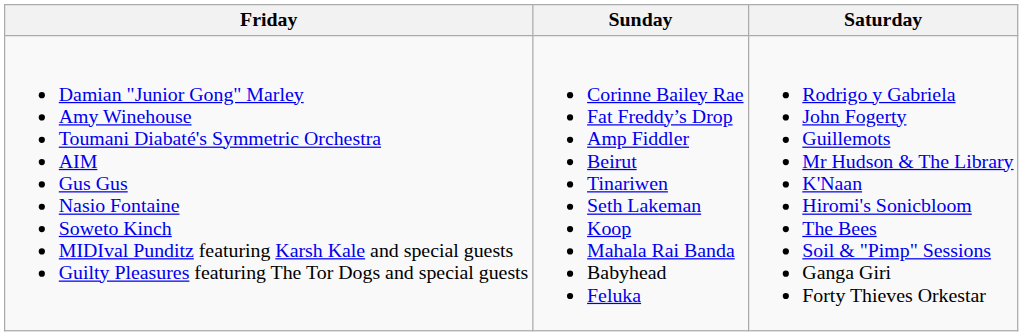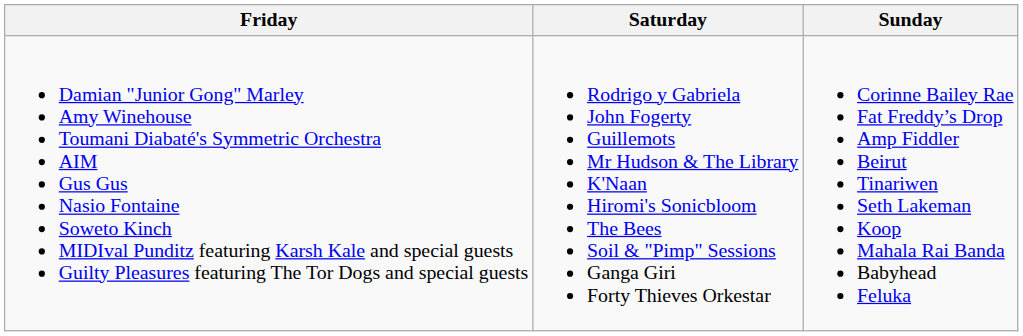 <table class="wikitable">
 <tr>
 <th>Friday</th>
+<th>Saturday</th>
 <th>Sunday</th>
-<th>Saturday</th>
 </tr>
 <tr valign="top">
 <td><br><ul><li><a href='#'>Damian "Junior Gong" Marley</a></li><li><a href='#'>Amy Winehouse</a></li><li><a href='#'>Toumani Diabaté's Symmetric Orchestra</a></li><li><a href='#'>AIM</a></li><li><a href='#'>Gus Gus</a></li><li><a href='#'>Nasio Fontaine</a></li><li><a href='#'>Soweto Kinch</a></li><li><a href='#'>MIDIval Punditz</a> featuring <a href='#'>Karsh Kale</a> and special guests</li><li><a href='#'>Guilty Pleasures</a> featuring The Tor Dogs and special guests</li></ul></td>
+<td><br><ul><li><a href='#'>Rodrigo y Gabriela</a></li><li><a href='#'>John Fogerty</a></li><li><a href='#'>Guillemots</a></li><li><a href='#'>Mr Hudson & The Library</a></li><li><a href='#'>K'Naan</a></li><li><a href='#'>Hiromi's Sonicbloom</a></li><li><a href='#'>The Bees</a></li><li><a href='#'>Soil & "Pimp" Sessions</a></li><li>Ganga Giri</li><li>Forty Thieves Orkestar</li></ul></td>
 <td><br><ul><li><a href='#'>Corinne Bailey Rae</a></li><li><a href='#'>Fat Freddy’s Drop</a></li><li><a href='#'>Amp Fiddler</a></li><li><a href='#'>Beirut</a></li><li><a href='#'>Tinariwen</a></li><li><a href='#'>Seth Lakeman</a></li><li><a href='#'>Koop</a></li><li><a href='#'>Mahala Rai Banda</a></li><li>Babyhead</li><li><a href='#'>Feluka</a></li></ul></td>
-<td><br><ul><li><a href='#'>Rodrigo y Gabriela</a></li><li><a href='#'>John Fogerty</a></li><li><a href='#'>Guillemots</a></li><li><a href='#'>Mr Hudson & The Library</a></li><li><a href='#'>K'Naan</a></li><li><a href='#'>Hiromi's Sonicbloom</a></li><li><a href='#'>The Bees</a></li><li><a href='#'>Soil & "Pimp" Sessions</a></li><li>Ganga Giri</li><li>Forty Thieves Orkestar</li></ul></td>
 </tr>
 </table>
